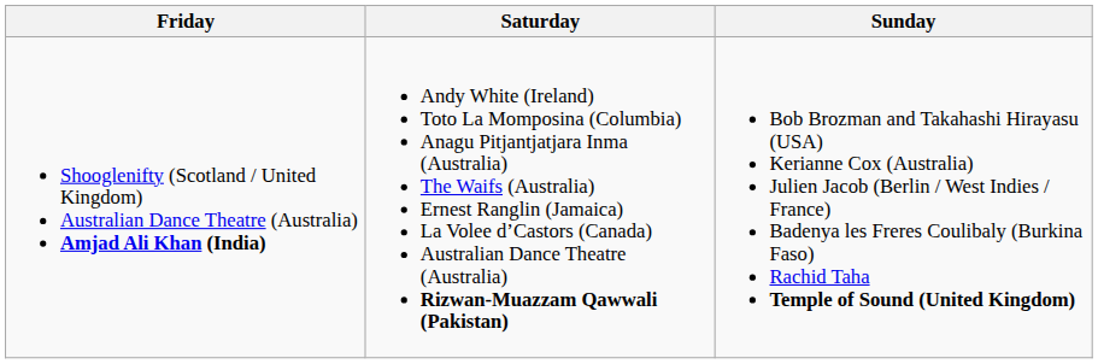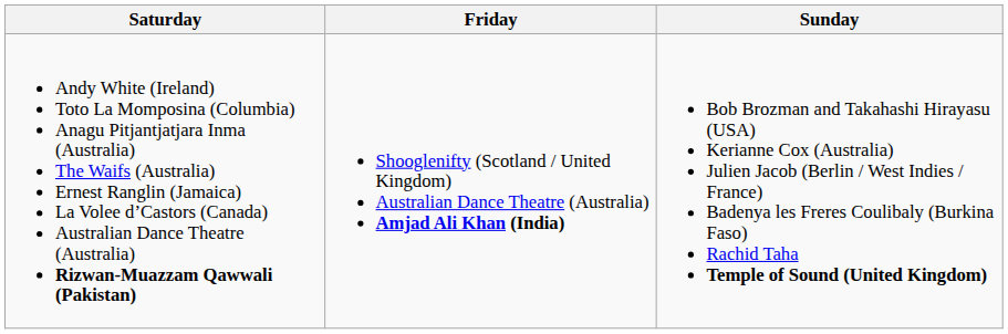 <table class="wikitable">
 <tr>
+<th>Saturday</th>
 <th>Friday</th>
-<th>Saturday</th>
 <th>Sunday</th>
 </tr>
 <tr>
+<td><br><ul><li>Andy White (Ireland)</li><li>Toto La Momposina (Columbia)</li><li>Anagu Pitjantjatjara Inma (Australia)</li><li><a href='#'>The Waifs</a> (Australia)</li><li>Ernest Ranglin (Jamaica)</li><li>La Volee d’Castors (Canada)</li><li>Australian Dance Theatre (Australia)</li><li><strong>Rizwan-Muazzam Qawwali (Pakistan)</strong></li></ul></td>
 <td><br><ul><li><a href='#'>Shooglenifty</a> (Scotland / United Kingdom)</li><li><a href='#'>Australian Dance Theatre</a> (Australia)</li><li><strong><a href='#'>Amjad Ali Khan</a> (India)</strong></li></ul></td>
-<td><br><ul><li>Andy White (Ireland)</li><li>Toto La Momposina (Columbia)</li><li>Anagu Pitjantjatjara Inma (Australia)</li><li><a href='#'>The Waifs</a> (Australia)</li><li>Ernest Ranglin (Jamaica)</li><li>La Volee d’Castors (Canada)</li><li>Australian Dance Theatre (Australia)</li><li><strong>Rizwan-Muazzam Qawwali (Pakistan)</strong></li></ul></td>
 <td><br><ul><li>Bob Brozman and Takahashi Hirayasu (USA)</li><li>Kerianne Cox (Australia)</li><li>Julien Jacob (Berlin / West Indies / France)</li><li>Badenya les Freres Coulibaly (Burkina Faso)</li><li><a href='#'>Rachid Taha</a></li><li><strong>Temple of Sound (United Kingdom)</strong></li></ul></td>
 </tr>
 </table>
